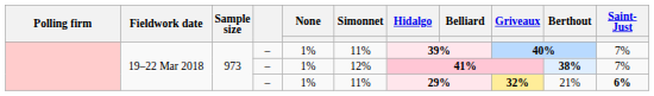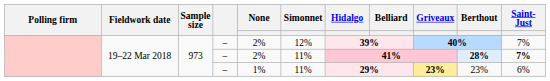 <table class="wikitable sortable" style="text-align:center;font-size:90%;line-height:14px;">
 <tr style="height:40px;">
 <th style="width:140px;" rowspan="2">Polling firm</th>
 <th style="width:110px;" rowspan="2">Fieldwork date</th>
 <th style="width:35px;" rowspan="2">Sample<br>size</th>
 <th style="width:30px;" rowspan="2"></th>
 <th class="unsortable" style="width:60px;">None<br></th>
 <th class="unsortable" style="width:60px;">Simonnet<br></th>
 <th class="unsortable" style="width:60px;"><a href='#'>Hidalgo</a><br></th>
 <th class="unsortable" style="width:60px;">Belliard<br></th>
 <th class="unsortable" style="width:60px;"><a href='#'>Griveaux</a><br></th>
 <th class="unsortable" style="width:60px;">Berthout<br></th>
 <th class="unsortable" style="width:60px;"><a href='#'>Saint-Just</a><br></th>
 </tr>
 <tr>
 <th style="background:"></th>
 <th style="background:"></th>
 <th style="background:"></th>
 <th style="background:"></th>
 <th style="background:"></th>
 <th style="background:"></th>
 <th style="background:"></th>
 </tr>
 <tr>
 <td rowspan="3" style="background:#FFCCCC;"></td>
 <td rowspan="3">19–22 Mar 2018</td>
 <td rowspan="3">973</td>
 <td>–</td>
-<td>1%</td>
-<td>11%</td>
+<td>2%</td>
+<td>12%</td>
 <td colspan="2" style="background:#FFE6EC;"><strong>39%</strong></td>
 <td colspan="2" style="background:#B9DAFF;"><strong>40%</strong></td>
 <td>7%</td>
 </tr>
 <tr>
 <td>–</td>
-<td>1%</td>
-<td>12%</td>
+<td>2%</td>
+<td>11%</td>
 <td colspan="3" style="background:#FFC6D5;"><strong>41%</strong></td>
-<td style="background:#DFEEFF;"><strong>38%</strong></td>
-<td>7%</td>
+<td style="background:#DFEEFF;"><strong>28%</strong></td>
+<td><strong>7%</strong></td>
 </tr>
 <tr>
 <td>–</td>
 <td>1%</td>
 <td>11%</td>
 <td colspan="2" style="background:#FFE6EC;"><strong>29%</strong></td>
-<td style="background:#FFED99;"><strong>32%</strong></td>
-<td>21%</td>
-<td><strong>6%</strong></td>
+<td style="background:#FFED99;"><strong>23%</strong></td>
+<td>23%</td>
+<td>6%</td>
 </tr>
 </table>
